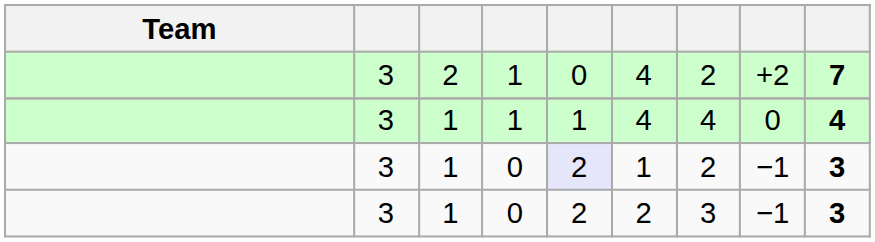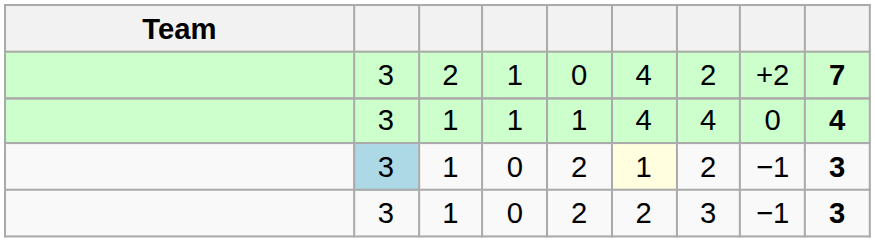 <table class="wikitable" style="text-align: center; font-size: 90%;">
 <tr>
 <th width="165">Team</th>
 <th width="25"></th>
 <th width="25"></th>
 <th width="25"></th>
 <th width="25"></th>
 <th width="25"></th>
 <th width="25"></th>
 <th width="25"></th>
 <th width="25"></th>
 </tr>
 <tr style="background:#ccffcc;">
 <td align=left></td>
 <td>3</td>
 <td>2</td>
 <td>1</td>
 <td>0</td>
 <td>4</td>
 <td>2</td>
 <td>+2</td>
 <td><strong>7</strong></td>
 </tr>
 <tr>
 </tr>
 <tr style="background:#ccffcc;">
 <td align=left></td>
 <td>3</td>
 <td>1</td>
 <td>1</td>
 <td>1</td>
 <td>4</td>
 <td>4</td>
 <td>0</td>
 <td><strong>4</strong></td>
 </tr>
 <tr>
 <td align=left></td>
-<td>3</td>
+<td style="background: lightblue;">3</td>
 <td>1</td>
 <td>0</td>
-<td style="background: lavender;">2</td>
-<td>1</td>
+<td>2</td>
+<td style="background: lightyellow;">1</td>
 <td>2</td>
 <td>−1</td>
 <td><strong>3</strong></td>
 </tr>
 <tr>
 <td align=left></td>
 <td>3</td>
 <td>1</td>
 <td>0</td>
 <td>2</td>
 <td>2</td>
 <td>3</td>
 <td>−1</td>
 <td><strong>3</strong></td>
 </tr>
 </table>
